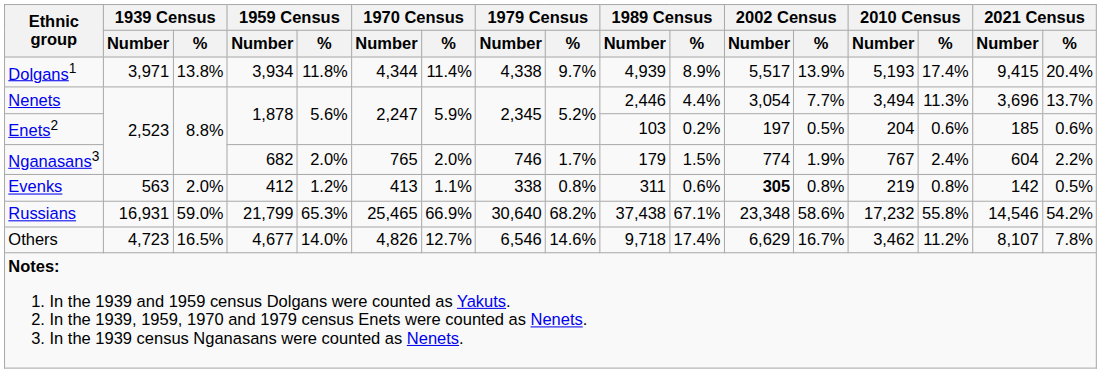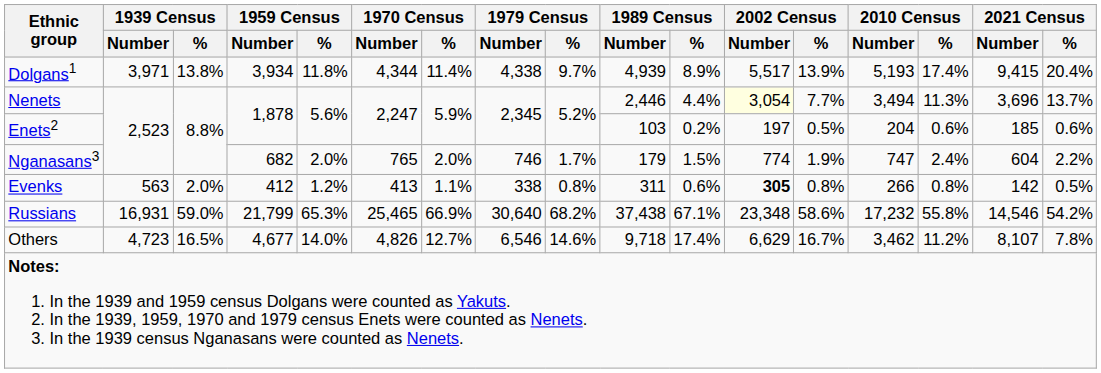 <table class="wikitable" style="text-align: right;">
 <tr bgcolor="#e0e0e0">
 <th rowspan="2">Ethnic<br>group</th>
 <th colspan="2">1939 Census</th>
 <th colspan="2">1959 Census</th>
 <th colspan="2">1970 Census</th>
 <th colspan="2">1979 Census</th>
 <th colspan="2">1989 Census</th>
 <th colspan="2">2002 Census</th>
 <th colspan="2">2010 Census</th>
 <th colspan="2">2021 Census</th>
 </tr>
 <tr bgcolor="#e0e0e0">
 <th>Number</th>
 <th>%</th>
 <th>Number</th>
 <th>%</th>
 <th>Number</th>
 <th>%</th>
 <th>Number</th>
 <th>%</th>
 <th>Number</th>
 <th>%</th>
 <th>Number</th>
 <th>%</th>
 <th>Number</th>
 <th>%</th>
 <th>Number</th>
 <th>%</th>
 </tr>
 <tr>
 <td align="left"><a href='#'>Dolgans</a><sup>1</sup></td>
 <td>3,971</td>
 <td>13.8%</td>
 <td>3,934</td>
 <td>11.8%</td>
 <td>4,344</td>
 <td>11.4%</td>
 <td>4,338</td>
 <td>9.7%</td>
 <td>4,939</td>
 <td>8.9%</td>
 <td>5,517</td>
 <td>13.9%</td>
 <td>5,193</td>
 <td>17.4%</td>
 <td>9,415</td>
 <td>20.4%</td>
 </tr>
 <tr>
 <td align="left"><a href='#'>Nenets</a></td>
 <td rowspan="3">2,523</td>
 <td rowspan="3">8.8%</td>
 <td rowspan="2">1,878</td>
 <td rowspan="2">5.6%</td>
 <td rowspan="2">2,247</td>
 <td rowspan="2">5.9%</td>
 <td rowspan="2">2,345</td>
 <td rowspan="2">5.2%</td>
 <td>2,446</td>
 <td>4.4%</td>
-<td>3,054</td>
+<td style="background: lightyellow;">3,054</td>
 <td>7.7%</td>
 <td>3,494</td>
 <td>11.3%</td>
 <td>3,696</td>
 <td>13.7%</td>
 </tr>
 <tr>
 <td align="left"><a href='#'>Enets</a><sup>2</sup></td>
 <td>103</td>
 <td>0.2%</td>
 <td>197</td>
 <td>0.5%</td>
 <td>204</td>
 <td>0.6%</td>
 <td>185</td>
 <td>0.6%</td>
 </tr>
 <tr>
 <td align="left"><a href='#'>Nganasans</a><sup>3</sup></td>
 <td>682</td>
 <td>2.0%</td>
 <td>765</td>
 <td>2.0%</td>
 <td>746</td>
 <td>1.7%</td>
 <td>179</td>
 <td>1.5%</td>
 <td>774</td>
 <td>1.9%</td>
-<td>767</td>
+<td>747</td>
 <td>2.4%</td>
 <td>604</td>
 <td>2.2%</td>
 </tr>
 <tr>
 <td align="left"><a href='#'>Evenks</a></td>
 <td>563</td>
 <td>2.0%</td>
 <td>412</td>
 <td>1.2%</td>
 <td>413</td>
 <td>1.1%</td>
 <td>338</td>
 <td>0.8%</td>
 <td>311</td>
 <td>0.6%</td>
 <td><strong>305</strong></td>
 <td>0.8%</td>
-<td>219</td>
+<td>266</td>
 <td>0.8%</td>
 <td>142</td>
 <td>0.5%</td>
 </tr>
 <tr>
 <td align="left"><a href='#'>Russians</a></td>
 <td>16,931</td>
 <td>59.0%</td>
 <td>21,799</td>
 <td>65.3%</td>
 <td>25,465</td>
 <td>66.9%</td>
 <td>30,640</td>
 <td>68.2%</td>
 <td>37,438</td>
 <td>67.1%</td>
 <td>23,348</td>
 <td>58.6%</td>
 <td>17,232</td>
 <td>55.8%</td>
 <td>14,546</td>
 <td>54.2%</td>
 </tr>
 <tr>
 <td align="left">Others</td>
 <td>4,723</td>
 <td>16.5%</td>
 <td>4,677</td>
 <td>14.0%</td>
 <td>4,826</td>
 <td>12.7%</td>
 <td>6,546</td>
 <td>14.6%</td>
 <td>9,718</td>
 <td>17.4%</td>
 <td>6,629</td>
 <td>16.7%</td>
 <td>3,462</td>
 <td>11.2%</td>
 <td>8,107</td>
 <td>7.8%</td>
 </tr>
 <tr>
 <td colspan="17" align="left"><strong>Notes:</strong><br><ol><li>In the 1939 and 1959 census Dolgans were counted as <a href='#'>Yakuts</a>.</li><li>In the 1939, 1959, 1970 and 1979 census Enets were counted as <a href='#'>Nenets</a>.</li><li>In the 1939 census Nganasans were counted as <a href='#'>Nenets</a>.</li></ol></td>
 </tr>
 </table>
